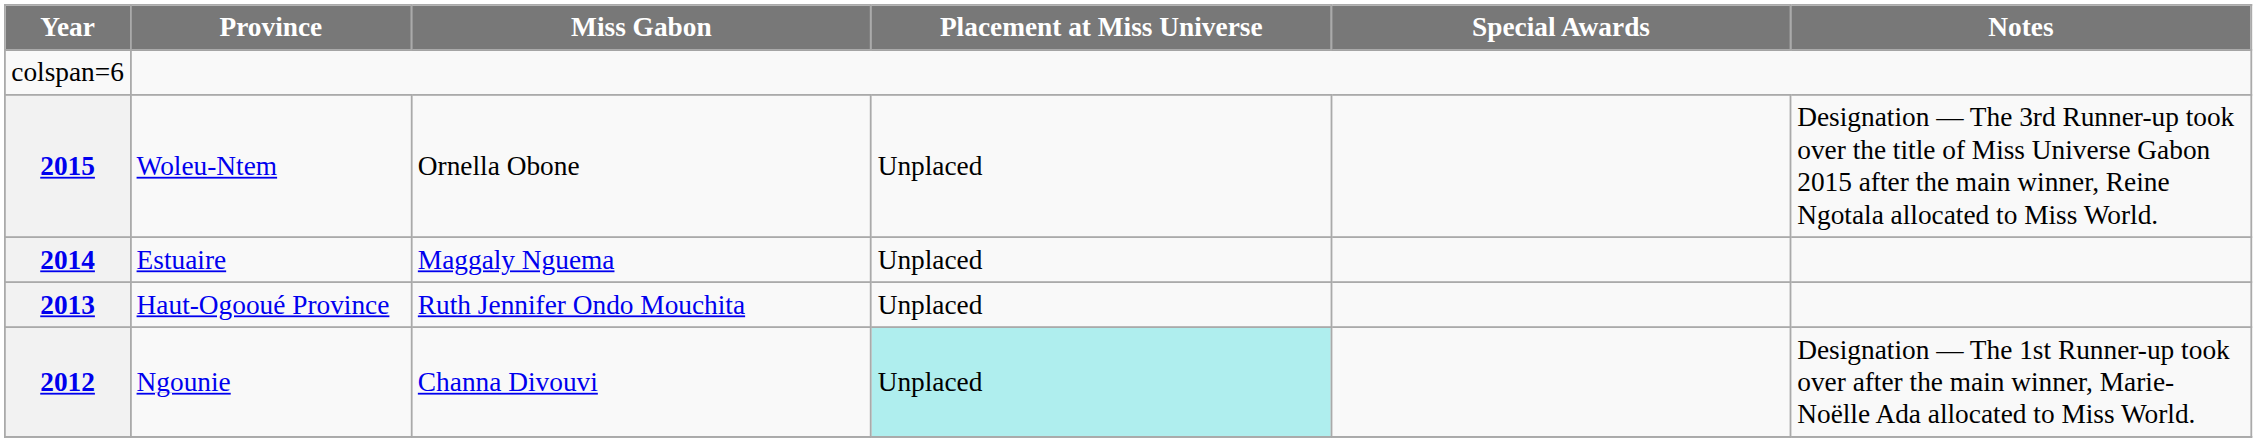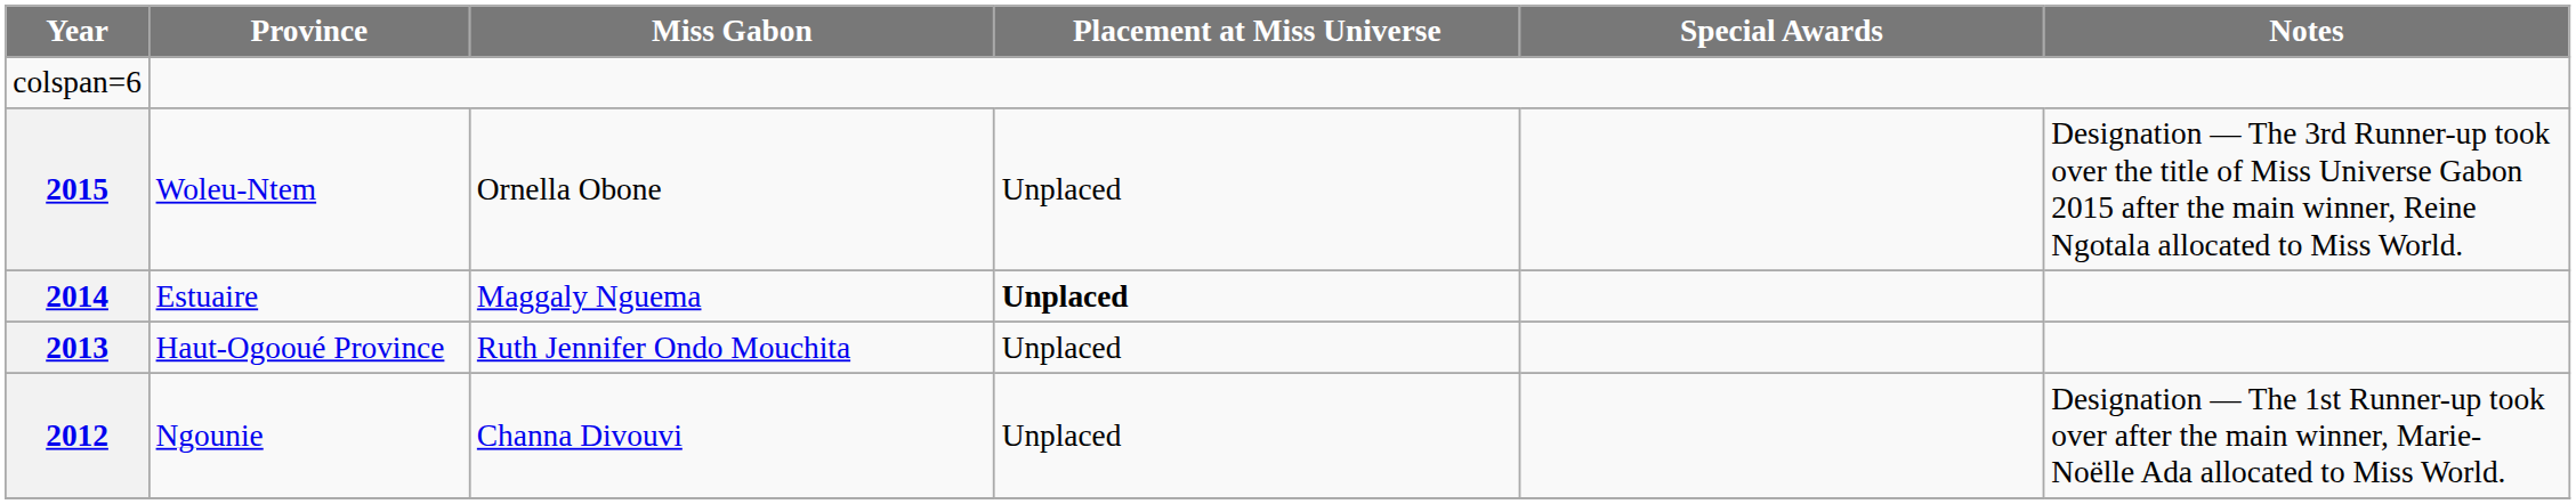 <table class="wikitable " style="font-size: 95%;">
 <tr>
 <th width="60" style="background-color:#787878;color:#FFFFFF;">Year</th>
 <th width="150" style="background-color:#787878;color:#FFFFFF;">Province</th>
 <th width="250" style="background-color:#787878;color:#FFFFFF;">Miss Gabon</th>
 <th width="250" style="background-color:#787878;color:#FFFFFF;">Placement at Miss Universe</th>
 <th width="250" style="background-color:#787878;color:#FFFFFF;">Special Awards</th>
 <th width="250" style="background-color:#787878;color:#FFFFFF;">Notes</th>
 </tr>
 <tr>
 <td>colspan=6 </td>
 </tr>
 <tr>
 <th><a href='#'>2015</a></th>
 <td><a href='#'>Woleu-Ntem</a></td>
 <td>Ornella Obone</td>
 <td>Unplaced</td>
 <td></td>
 <td>Designation — The 3rd Runner-up took over the title of Miss Universe Gabon 2015 after the main winner, Reine Ngotala allocated to Miss World.</td>
 </tr>
 <tr>
 <th><a href='#'>2014</a></th>
 <td><a href='#'>Estuaire</a></td>
 <td><a href='#'>Maggaly Nguema</a></td>
-<td>Unplaced</td>
+<td><strong>Unplaced</strong></td>
 <td></td>
 <td></td>
 </tr>
 <tr>
 <th><a href='#'>2013</a></th>
 <td><a href='#'>Haut-Ogooué Province</a></td>
 <td><a href='#'>Ruth Jennifer Ondo Mouchita</a></td>
 <td>Unplaced</td>
 <td></td>
 <td></td>
 </tr>
 <tr>
 <th><a href='#'>2012</a></th>
 <td><a href='#'>Ngounie</a></td>
 <td><a href='#'>Channa Divouvi</a></td>
-<td style="background: paleturquoise;">Unplaced</td>
+<td>Unplaced</td>
 <td></td>
 <td>Designation — The 1st Runner-up took over after the main winner, Marie-Noëlle Ada allocated to Miss World.</td>
 </tr>
 <tr>
 </tr>
 </table>
